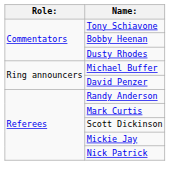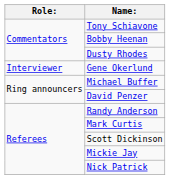 <table class=wikitable style="font-size:90%; margin: 0.5em 0 0.5em 1em; float: right; clear: right;">
 <tr>
 <th>Role:</th>
 <th>Name:</th>
 </tr>
 <tr>
 <td rowspan=3><a href='#'>Commentators</a></td>
 <td><a href='#'>Tony Schiavone</a></td>
 </tr>
 <tr>
 <td><a href='#'>Bobby Heenan</a></td>
 </tr>
 <tr>
 <td><a href='#'>Dusty Rhodes</a></td>
+</tr>
+<tr>
+<td><a href='#'>Interviewer</a></td>
+<td><a href='#'>Gene Okerlund</a></td>
 </tr>
 <tr>
 <td rowspan=2>Ring announcers</td>
 <td><a href='#'>Michael Buffer</a></td>
 </tr>
 <tr>
 <td><a href='#'>David Penzer</a></td>
 </tr>
 <tr>
 <td rowspan=5><a href='#'>Referees</a></td>
 <td><a href='#'>Randy Anderson</a></td>
 </tr>
 <tr>
 <td><a href='#'>Mark Curtis</a></td>
 </tr>
 <tr>
 <td>Scott Dickinson</td>
 </tr>
 <tr>
 <td><a href='#'>Mickie Jay</a></td>
 </tr>
 <tr>
 <td><a href='#'>Nick Patrick</a></td>
 </tr>
 </table>
